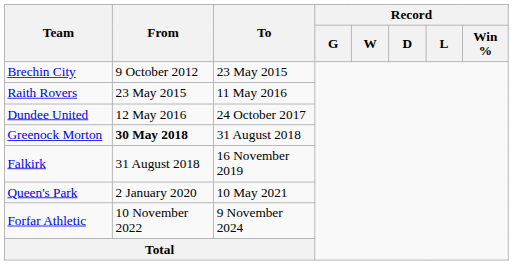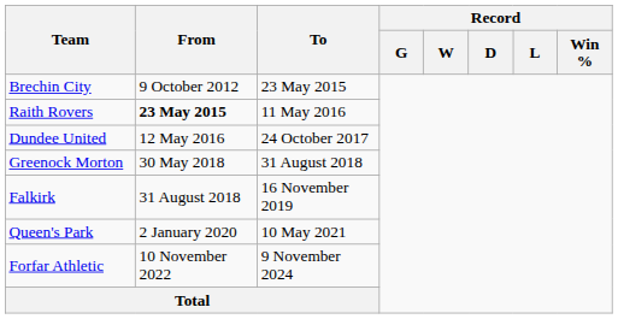 <table class="wikitable" style="text-align: center">
 <tr>
 <th rowspan="2!" style="width:130px;">Team</th>
 <th rowspan="2!" style="width:120px;">From</th>
 <th rowspan="2!" style="width:120px;">To</th>
 <th colspan=6>Record</th>
 </tr>
 <tr>
 <th width=40>G</th>
 <th width=40>W</th>
 <th width=40>D</th>
 <th width=40>L</th>
 <th width=50>Win %</th>
 </tr>
 <tr>
 <td align=left><a href='#'>Brechin City</a></td>
 <td align=left>9 October 2012</td>
 <td align=left>23 May 2015<br></td>
 </tr>
 <tr>
 <td align=left><a href='#'>Raith Rovers</a></td>
-<td align=left>23 May 2015</td>
+<td align=left><strong>23 May 2015</strong></td>
 <td align=left>11 May 2016<br></td>
 </tr>
 <tr>
 <td align=left><a href='#'>Dundee United</a></td>
 <td align=left>12 May 2016</td>
 <td align=left>24 October 2017<br></td>
 </tr>
 <tr>
 <td align=left><a href='#'>Greenock Morton</a></td>
-<td align=left><strong>30 May 2018</strong></td>
+<td align=left>30 May 2018</td>
 <td align=left>31 August 2018<br></td>
 </tr>
 <tr>
 <td align=left><a href='#'>Falkirk</a></td>
 <td align=left>31 August 2018</td>
 <td align=left>16 November 2019<br></td>
 </tr>
 <tr>
 <td align=left><a href='#'>Queen's Park</a></td>
 <td align=left>2 January 2020</td>
 <td align=left>10 May 2021<br></td>
 </tr>
 <tr>
 <td align=left><a href='#'>Forfar Athletic</a></td>
 <td align=left>10 November 2022</td>
 <td align=left>9 November 2024<br></td>
 </tr>
 <tr>
 <th colspan=3>Total<br></th>
 </tr>
 </table>
